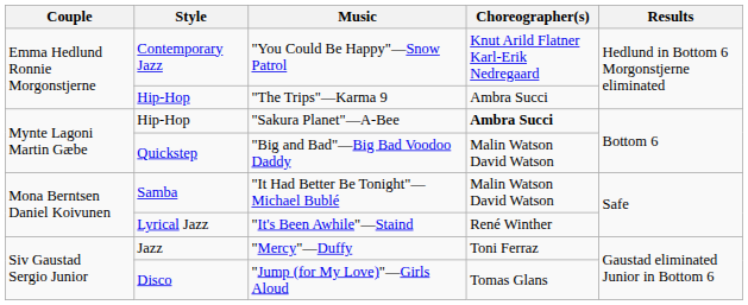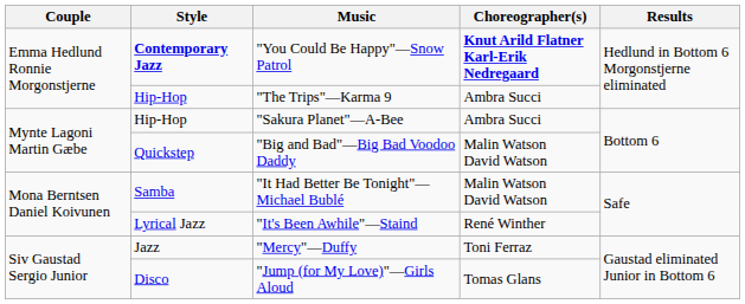 <table class="wikitable" width="90%">
 <tr>
 <th>Couple</th>
 <th>Style</th>
 <th>Music</th>
 <th>Choreographer(s)</th>
 <th>Results</th>
 </tr>
 <tr>
 <td rowspan="2">Emma Hedlund<br>Ronnie Morgonstjerne</td>
-<td><a href='#'>Contemporary</a> <a href='#'>Jazz</a></td>
+<td><strong><a href='#'>Contemporary</a> <a href='#'>Jazz</a></strong></td>
 <td>"You Could Be Happy"—<a href='#'>Snow Patrol</a></td>
-<td><a href='#'>Knut Arild Flatner<br>Karl-Erik Nedregaard</a></td>
+<td><strong><a href='#'>Knut Arild Flatner<br>Karl-Erik Nedregaard</a></strong></td>
 <td rowspan="2">Hedlund in Bottom 6<br>Morgonstjerne eliminated</td>
 </tr>
 <tr>
 <td><a href='#'>Hip-Hop</a></td>
 <td>"The Trips"—Karma 9</td>
 <td>Ambra Succi</td>
 </tr>
 <tr>
 <td rowspan="2">Mynte Lagoni<br>Martin Gæbe</td>
 <td>Hip-Hop</td>
 <td>"Sakura Planet"—A-Bee</td>
-<td><strong>Ambra Succi</strong></td>
+<td>Ambra Succi</td>
 <td rowspan="2">Bottom 6</td>
 </tr>
 <tr>
 <td><a href='#'>Quickstep</a></td>
 <td>"Big and Bad"—<a href='#'>Big Bad Voodoo Daddy</a></td>
 <td>Malin Watson<br>David Watson</td>
 </tr>
 <tr>
 <td rowspan="2">Mona Berntsen<br>Daniel Koivunen</td>
 <td><a href='#'>Samba</a></td>
 <td>"It Had Better Be Tonight"—<a href='#'>Michael Bublé</a></td>
 <td>Malin Watson<br>David Watson</td>
 <td rowspan="2">Safe</td>
 </tr>
 <tr>
 <td><a href='#'>Lyrical</a> Jazz</td>
 <td>"<a href='#'>It's Been Awhile</a>"—<a href='#'>Staind</a></td>
 <td>René Winther</td>
 </tr>
 <tr>
 <td rowspan="2">Siv Gaustad<br>Sergio Junior</td>
 <td>Jazz</td>
 <td>"<a href='#'>Mercy</a>"—<a href='#'>Duffy</a></td>
 <td>Toni Ferraz</td>
 <td rowspan="2">Gaustad eliminated<br>Junior in Bottom 6</td>
 </tr>
 <tr>
 <td><a href='#'>Disco</a></td>
 <td>"<a href='#'>Jump (for My Love)</a>"—<a href='#'>Girls Aloud</a></td>
 <td>Tomas Glans</td>
 </tr>
 </table>
